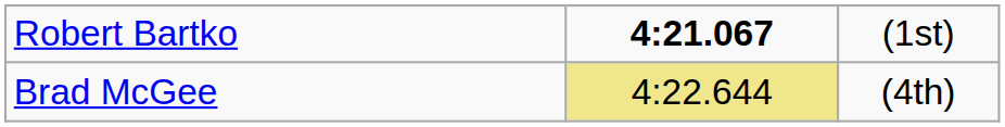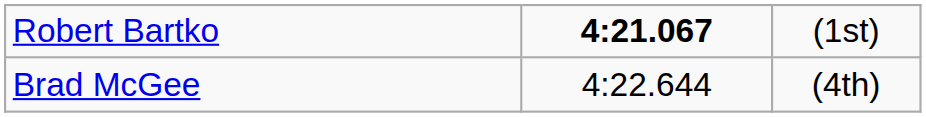 <table class="wikitable" style="text-align:center;">
 <tr>
 <td style="width:15em" align=left><a href='#'>Robert Bartko</a> </td>
 <td style="width:7em;"><strong>4:21.067</strong></td>
 <td style="width:4em;">(1st)</td>
 </tr>
 <tr>
 <td align=left><a href='#'>Brad McGee</a> </td>
-<td style="background: khaki;">4:22.644</td>
+<td>4:22.644</td>
 <td>(4th)</td>
 </tr>
 </table>
